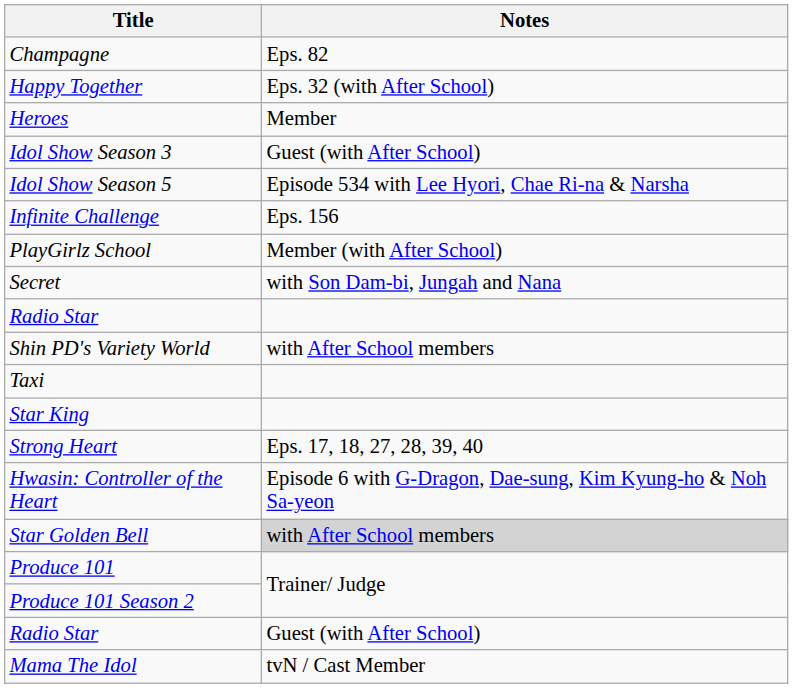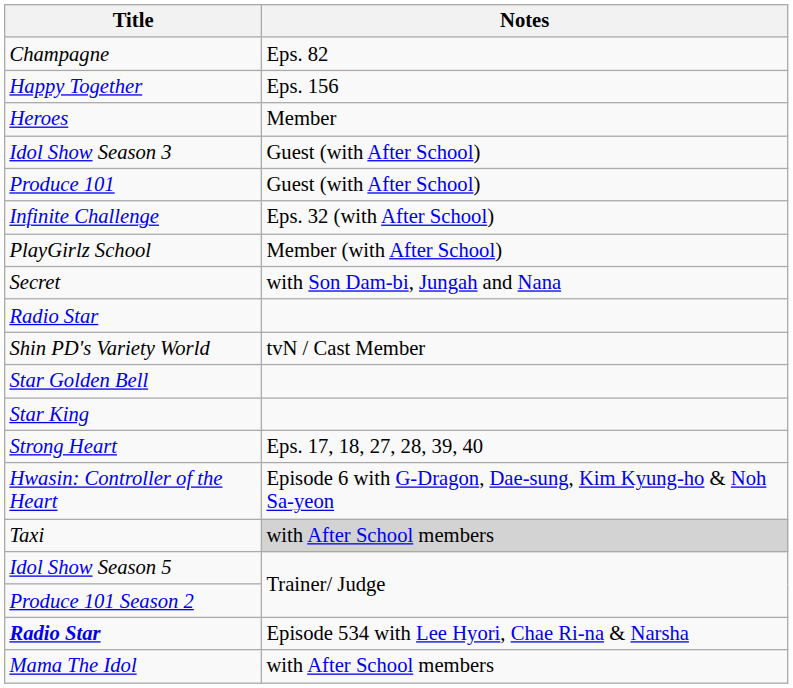 <table class="wikitable" border="1">
 <tr>
 <th scope="col">Title</th>
 <th scope="col">Notes</th>
 </tr>
 <tr>
 <td><em>Champagne</em></td>
 <td>Eps. 82</td>
 </tr>
 <tr>
 <td><em><a href='#'>Happy Together</a></em></td>
-<td>Eps. 32 (with <a href='#'>After School</a>)</td>
+<td>Eps. 156</td>
 </tr>
 <tr>
 <td><em><a href='#'>Heroes</a></em></td>
 <td>Member</td>
 </tr>
 <tr>
 <td><em><a href='#'>Idol Show</a> Season 3</em></td>
 <td>Guest (with <a href='#'>After School</a>)</td>
 </tr>
 <tr>
-<td><em><a href='#'>Idol Show</a> Season 5</em></td>
-<td>Episode 534 with <a href='#'>Lee Hyori</a>, <a href='#'>Chae Ri-na</a> & <a href='#'>Narsha</a></td>
+<td><em><a href='#'>Produce 101</a></em></td>
+<td>Guest (with <a href='#'>After School</a>)</td>
 </tr>
 <tr>
 <td><em><a href='#'>Infinite Challenge</a></em></td>
-<td>Eps. 156</td>
+<td>Eps. 32 (with <a href='#'>After School</a>)</td>
 </tr>
 <tr>
 <td><em>PlayGirlz School</em></td>
 <td>Member (with <a href='#'>After School</a>)</td>
 </tr>
 <tr>
 <td><em>Secret</em></td>
 <td>with <a href='#'>Son Dam-bi</a>, <a href='#'>Jungah</a> and <a href='#'>Nana</a></td>
 </tr>
 <tr>
 <td><em><a href='#'>Radio Star</a></em></td>
 <td></td>
 </tr>
 <tr>
 <td><em>Shin PD's Variety World</em></td>
-<td>with <a href='#'>After School</a> members</td>
+<td>tvN / Cast Member</td>
 </tr>
 <tr>
-<td><em>Taxi</em></td>
+<td><em><a href='#'>Star Golden Bell</a></em></td>
 <td></td>
 </tr>
 <tr>
 <td><em><a href='#'>Star King</a></em></td>
 <td></td>
 </tr>
 <tr>
 <td><em><a href='#'>Strong Heart</a></em></td>
 <td>Eps. 17, 18, 27, 28, 39, 40</td>
 </tr>
 <tr>
 <td><em><a href='#'>Hwasin: Controller of the Heart</a></em></td>
 <td>Episode 6 with <a href='#'>G-Dragon</a>, <a href='#'>Dae-sung</a>, <a href='#'>Kim Kyung-ho</a> & <a href='#'>Noh Sa-yeon</a></td>
 </tr>
 <tr>
-<td><em><a href='#'>Star Golden Bell</a></em></td>
+<td><em>Taxi</em></td>
 <td style="background: lightgrey;">with <a href='#'>After School</a> members</td>
 </tr>
 <tr>
-<td><em><a href='#'>Produce 101</a></em></td>
+<td><em><a href='#'>Idol Show</a> Season 5</em></td>
 <td rowspan="2">Trainer/ Judge</td>
 </tr>
 <tr>
 <td><em><a href='#'>Produce 101 Season 2</a></em></td>
 </tr>
 <tr>
-<td><em><a href='#'>Radio Star</a></em></td>
-<td>Guest (with <a href='#'>After School</a>)</td>
+<td><strong><em><a href='#'>Radio Star</a></em></strong></td>
+<td>Episode 534 with <a href='#'>Lee Hyori</a>, <a href='#'>Chae Ri-na</a> & <a href='#'>Narsha</a></td>
 </tr>
 <tr>
 <td><em><a href='#'>Mama The Idol</a></em></td>
-<td>tvN / Cast Member</td>
+<td>with <a href='#'>After School</a> members</td>
 </tr>
 </table>
